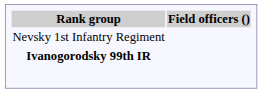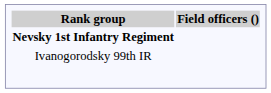 <table style="border:1px solid #8888aa; background-color:#f7f8ff; padding:5px; font-size:95%; margin: 12px 12px 12px 12px;">
 <tr align="center" style="background:#cfcfcf;">
 <th>Rank group</th>
 <th colspan=9>Field officers ()</th>
 </tr>
 <tr align="center">
-<td>Nevsky 1st Infantry Regiment</td>
+<td><strong>Nevsky 1st Infantry Regiment</strong></td>
 <td></td>
 <td></td>
 <td></td>
 <td></td>
 <td></td>
 </tr>
 <tr align="center">
-<td><strong>Ivanogorodsky 99th IR</strong></td>
+<td>Ivanogorodsky 99th IR</td>
 <td></td>
 <td></td>
 <td></td>
 <td></td>
 <td></td>
 </tr>
 <tr align="center">
 <td></td>
 <td><br></td>
 <td><br></td>
 <td><br></td>
 <td><br></td>
 <td><br></td>
 </tr>
 </table>
